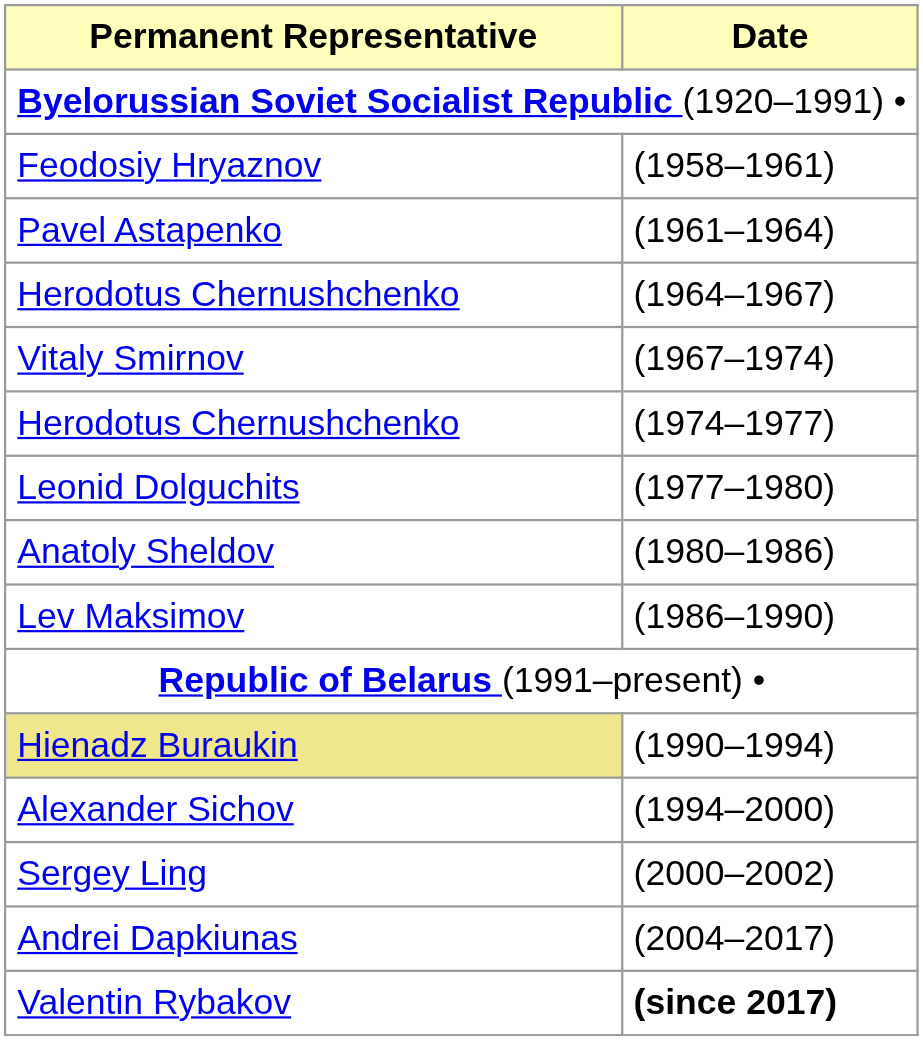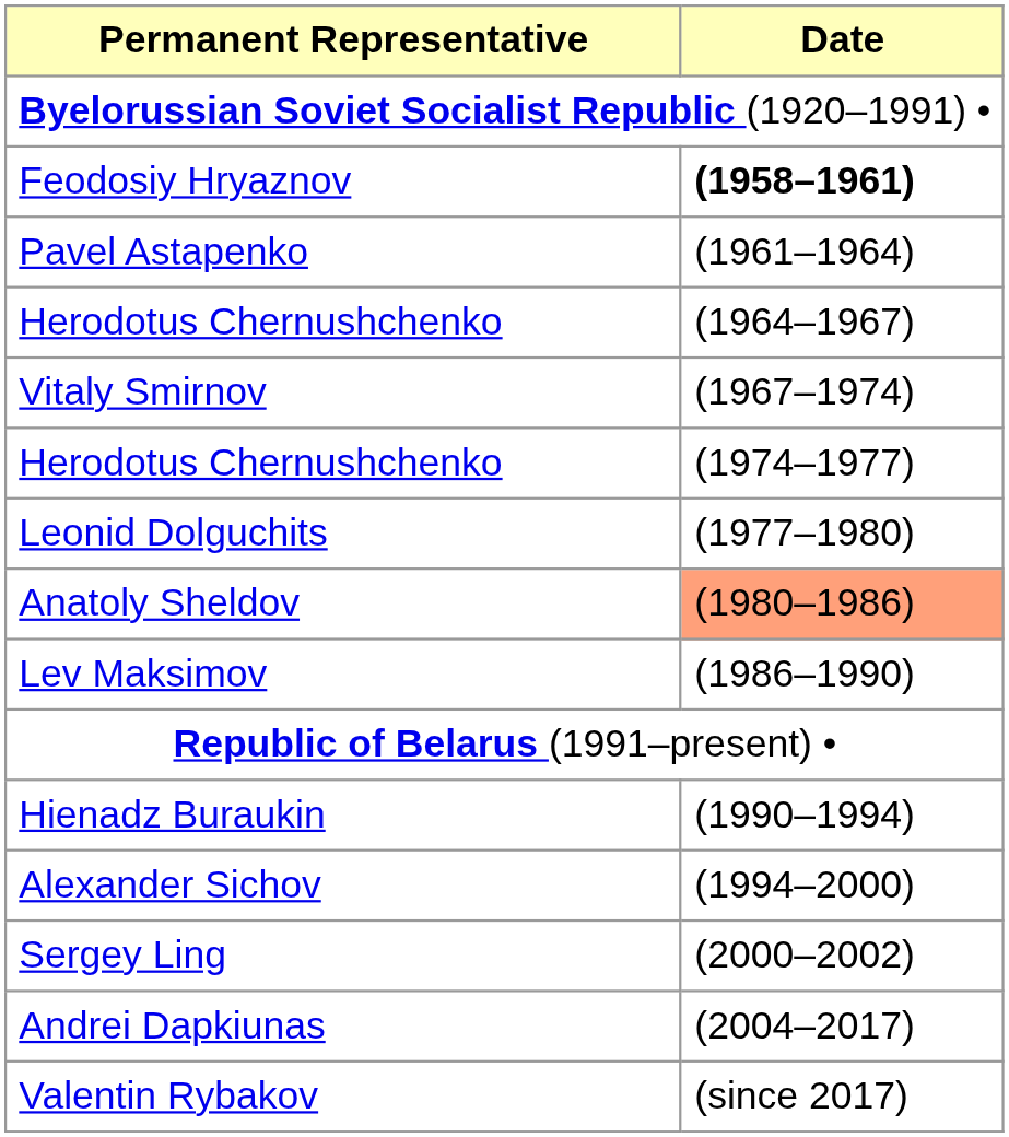 <table rules="all" cellspacing="0" cellpadding="5" style="border: 1px solid #999">
 <tr bgcolor="#FFFFBB">
 <th>Permanent Representative</th>
 <th>Date</th>
 </tr>
 <tr>
 <td colspan="4" align="center"><strong><a href='#'>Byelorussian Soviet Socialist Republic </a></strong>  (1920–1991)  • </td>
 </tr>
 <tr>
 <td><a href='#'>Feodosiy Hryaznov</a></td>
-<td>(1958–1961)</td>
+<td><strong>(1958–1961)</strong></td>
 </tr>
 <tr>
 <td><a href='#'>Pavel Astapenko</a></td>
 <td>(1961–1964)</td>
 </tr>
 <tr>
 <td><a href='#'>Herodotus Chernushchenko</a></td>
 <td>(1964–1967)</td>
 </tr>
 <tr>
 <td><a href='#'>Vitaly Smirnov</a></td>
 <td>(1967–1974)</td>
 </tr>
 <tr>
 <td><a href='#'>Herodotus Chernushchenko</a></td>
 <td>(1974–1977)</td>
 </tr>
 <tr>
 <td><a href='#'>Leonid Dolguchits</a></td>
 <td>(1977–1980)</td>
 </tr>
 <tr>
 <td><a href='#'>Anatoly Sheldov</a></td>
-<td>(1980–1986)</td>
+<td style="background: lightsalmon;">(1980–1986)</td>
 </tr>
 <tr>
 <td><a href='#'>Lev Maksimov</a></td>
 <td>(1986–1990)</td>
 </tr>
 <tr>
 <td colspan="4" align="center"><strong><a href='#'>Republic of Belarus </a></strong>  (1991–present)  • </td>
 </tr>
 <tr>
-<td style="background: khaki;"><a href='#'>Hienadz Buraukin</a></td>
+<td><a href='#'>Hienadz Buraukin</a></td>
 <td>(1990–1994)</td>
 </tr>
 <tr>
 <td><a href='#'>Alexander Sichov</a></td>
 <td>(1994–2000)</td>
 </tr>
 <tr>
 <td><a href='#'>Sergey Ling</a></td>
 <td>(2000–2002)</td>
 </tr>
 <tr>
 <td><a href='#'>Andrei Dapkiunas</a></td>
 <td>(2004–2017)</td>
 </tr>
 <tr>
 <td><a href='#'>Valentin Rybakov</a></td>
-<td><strong>(since 2017)</strong></td>
+<td>(since 2017)</td>
 </tr>
 </table>
